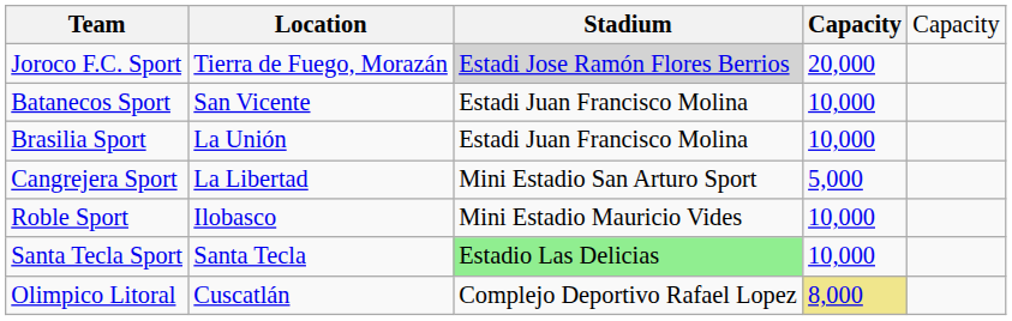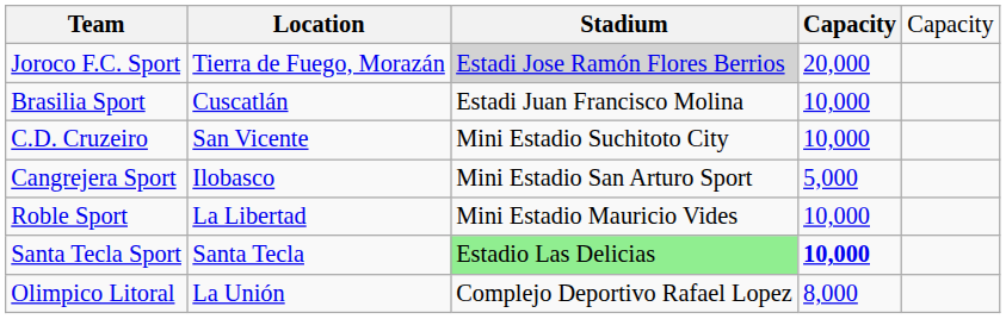 <table class="wikitable sortable" style="text-align:left;">
 <tr>
 <th>Team</th>
 <th>Location</th>
 <th>Stadium</th>
 <th>Capacity</th>
 <td>Capacity</td>
 </tr>
 <tr>
 <td><a href='#'>Joroco F.C. Sport</a></td>
 <td><a href='#'>Tierra de Fuego, Morazán</a></td>
 <td style="background: lightgrey;"><a href='#'>Estadi Jose Ramón Flores Berrios</a></td>
 <td><a href='#'>20,000</a></td>
 <td></td>
 </tr>
 <tr>
-<td><a href='#'>Batanecos Sport</a></td>
-<td><a href='#'>San Vicente</a></td>
+<td><a href='#'>Brasilia Sport</a></td>
+<td><a href='#'>Cuscatlán</a></td>
 <td>Estadi Juan Francisco Molina</td>
 <td><a href='#'>10,000</a></td>
 <td></td>
 </tr>
 <tr>
-<td><a href='#'>Brasilia Sport</a></td>
-<td><a href='#'>La Unión</a></td>
-<td>Estadi Juan Francisco Molina</td>
+<td><a href='#'>C.D. Cruzeiro</a></td>
+<td><a href='#'>San Vicente</a></td>
+<td>Mini Estadio Suchitoto City</td>
 <td><a href='#'>10,000</a></td>
 <td></td>
 </tr>
 <tr>
 <td><a href='#'>Cangrejera Sport</a></td>
-<td><a href='#'>La Libertad</a></td>
+<td><a href='#'>Ilobasco</a></td>
 <td>Mini Estadio San Arturo Sport</td>
 <td><a href='#'>5,000</a></td>
 <td></td>
 </tr>
 <tr>
 <td><a href='#'>Roble Sport</a></td>
-<td><a href='#'>Ilobasco</a></td>
+<td><a href='#'>La Libertad</a></td>
 <td>Mini Estadio Mauricio Vides</td>
 <td><a href='#'>10,000</a></td>
 <td></td>
 </tr>
 <tr>
 <td><a href='#'>Santa Tecla Sport</a></td>
 <td><a href='#'>Santa Tecla</a></td>
 <td style="background: lightgreen;">Estadio Las Delicias</td>
-<td><a href='#'>10,000</a></td>
+<td><strong><a href='#'>10,000</a></strong></td>
 <td></td>
 </tr>
 <tr>
 <td><a href='#'>Olimpico  Litoral</a></td>
-<td><a href='#'>Cuscatlán</a></td>
+<td><a href='#'>La Unión</a></td>
 <td>Complejo Deportivo Rafael Lopez</td>
-<td style="background: khaki;"><a href='#'>8,000</a></td>
+<td><a href='#'>8,000</a></td>
 <td></td>
 </tr>
 </table>
